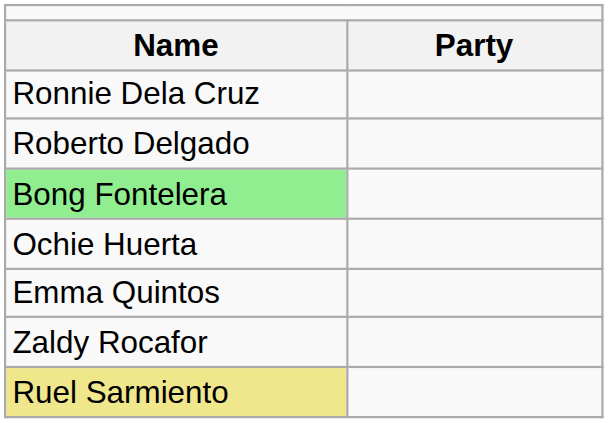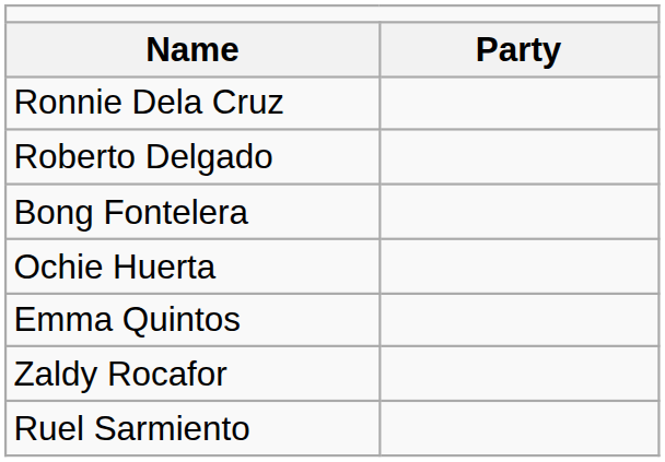 <table class=wikitable style="font-size:90%">
 <tr>
 <td colspan=4 bgcolor=></td>
 </tr>
 <tr>
 <th width=150px>Name</th>
 <th colspan=2 width=110px>Party</th>
 </tr>
 <tr>
 <td>Ronnie Dela Cruz</td>
 <td></td>
 </tr>
 <tr>
 <td>Roberto Delgado</td>
 <td></td>
 </tr>
 <tr>
-<td style="background: lightgreen;">Bong Fontelera</td>
+<td>Bong Fontelera</td>
 <td></td>
 </tr>
 <tr>
 <td>Ochie Huerta</td>
 <td></td>
 </tr>
 <tr>
 <td>Emma Quintos</td>
 <td></td>
 </tr>
 <tr>
 <td>Zaldy Rocafor</td>
 <td></td>
 </tr>
 <tr>
-<td style="background: khaki;">Ruel Sarmiento</td>
+<td>Ruel Sarmiento</td>
 <td></td>
 </tr>
 </table>
